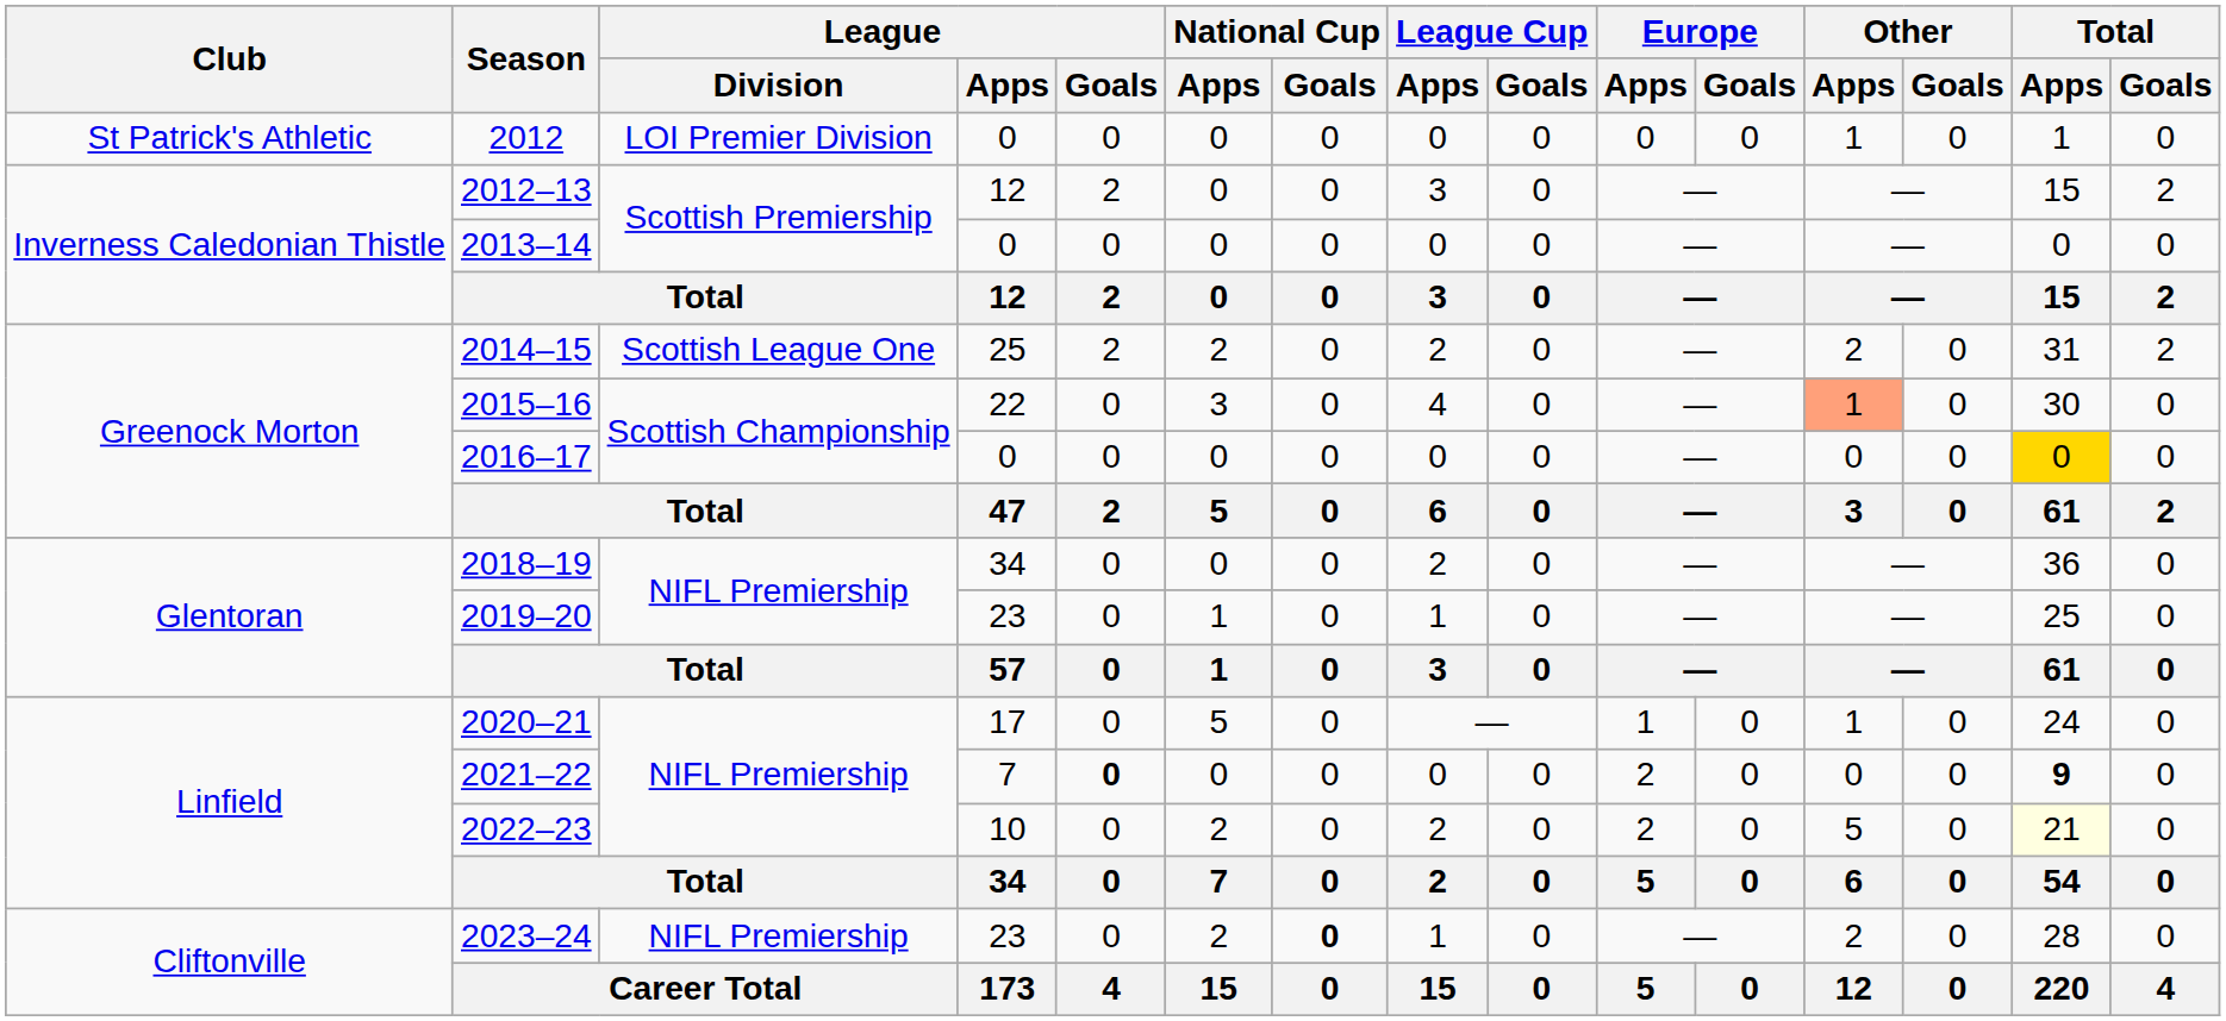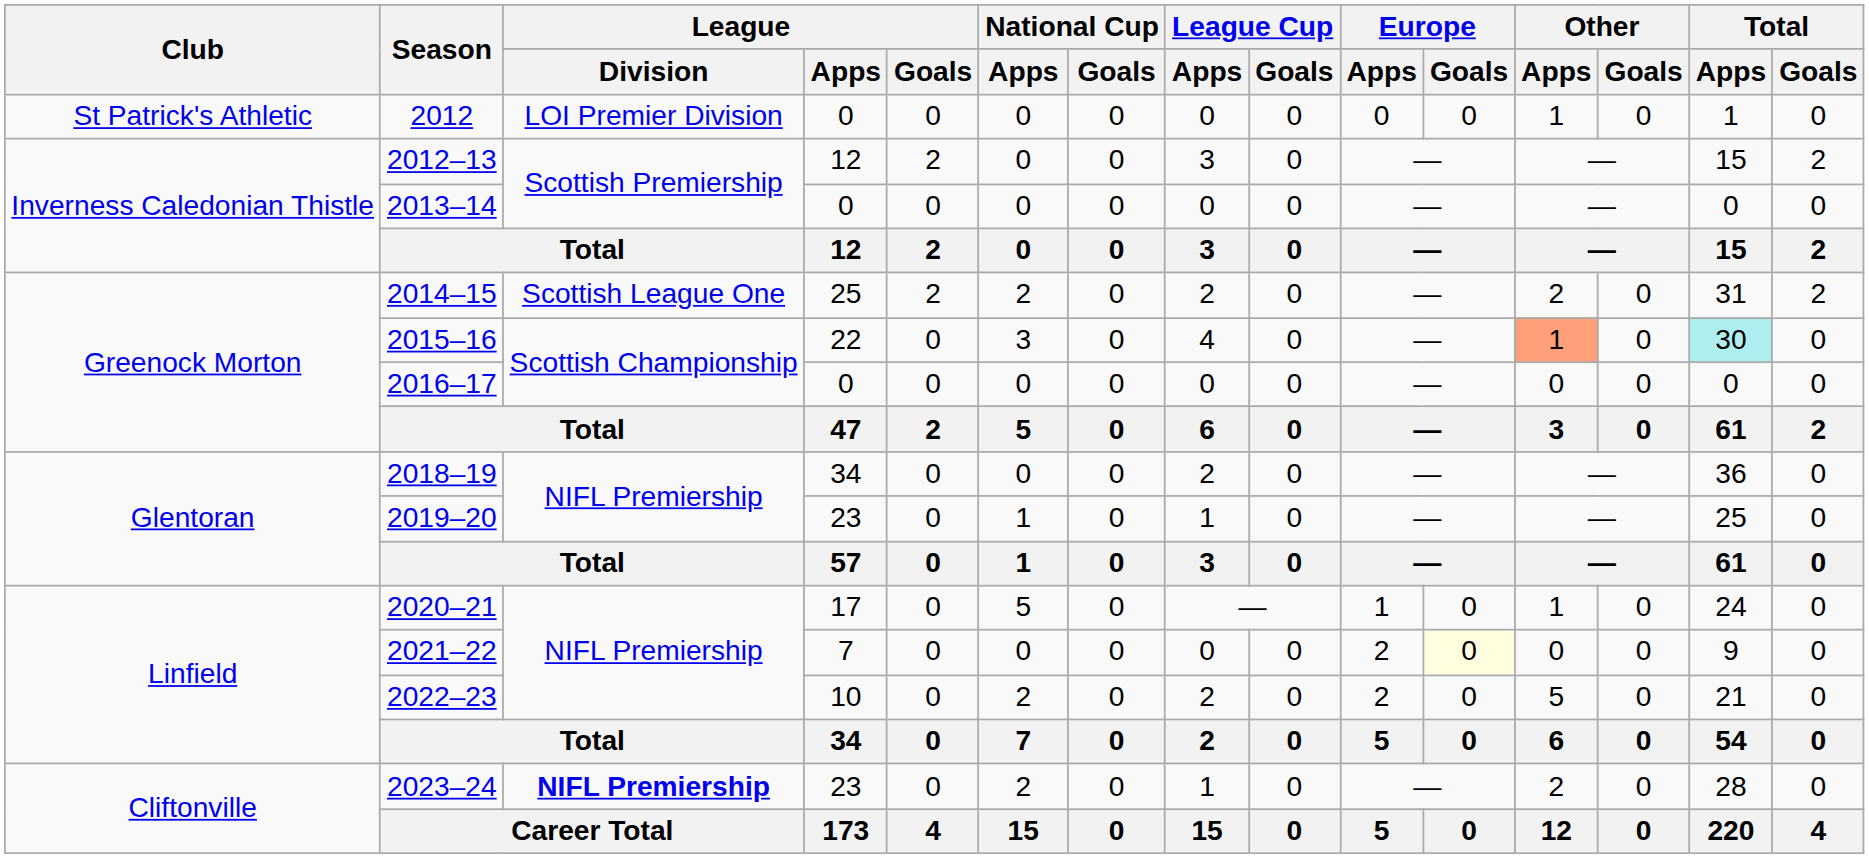 <table class="wikitable" style="text-align:center">
 <tr>
 <th rowspan="2">Club</th>
 <th rowspan="2">Season</th>
 <th colspan="3">League</th>
 <th colspan="2">National Cup</th>
 <th colspan="2"><a href='#'>League Cup</a></th>
 <th colspan="2"><a href='#'>Europe</a></th>
 <th colspan="2">Other</th>
 <th colspan="2">Total</th>
 </tr>
 <tr>
 <th>Division</th>
 <th>Apps</th>
 <th>Goals</th>
 <th>Apps</th>
 <th>Goals</th>
 <th>Apps</th>
 <th>Goals</th>
 <th>Apps</th>
 <th>Goals</th>
 <th>Apps</th>
 <th>Goals</th>
 <th>Apps</th>
 <th>Goals</th>
 </tr>
 <tr>
 <td><a href='#'>St Patrick's Athletic</a></td>
 <td><a href='#'>2012</a></td>
 <td><a href='#'>LOI Premier Division</a></td>
 <td>0</td>
 <td>0</td>
 <td>0</td>
 <td>0</td>
 <td>0</td>
 <td>0</td>
 <td>0</td>
 <td>0</td>
 <td>1</td>
 <td>0</td>
 <td>1</td>
 <td>0</td>
 </tr>
 <tr>
 <td rowspan="3"><a href='#'>Inverness Caledonian Thistle</a></td>
 <td><a href='#'>2012–13</a></td>
 <td rowspan="2"><a href='#'>Scottish Premiership</a></td>
 <td>12</td>
 <td>2</td>
 <td>0</td>
 <td>0</td>
 <td>3</td>
 <td>0</td>
 <td colspan="2">—</td>
 <td colspan="2">—</td>
 <td>15</td>
 <td>2</td>
 </tr>
 <tr>
 <td><a href='#'>2013–14</a></td>
 <td>0</td>
 <td>0</td>
 <td>0</td>
 <td>0</td>
 <td>0</td>
 <td>0</td>
 <td colspan="2">—</td>
 <td colspan="2">—</td>
 <td>0</td>
 <td>0</td>
 </tr>
 <tr>
 <th colspan="2">Total</th>
 <th>12</th>
 <th>2</th>
 <th>0</th>
 <th>0</th>
 <th>3</th>
 <th>0</th>
 <th colspan="2">—</th>
 <th colspan="2">—</th>
 <th>15</th>
 <th>2</th>
 </tr>
 <tr>
 <td rowspan="4"><a href='#'>Greenock Morton</a></td>
 <td><a href='#'>2014–15</a></td>
 <td><a href='#'>Scottish League One</a></td>
 <td>25</td>
 <td>2</td>
 <td>2</td>
 <td>0</td>
 <td>2</td>
 <td>0</td>
 <td colspan="2">—</td>
 <td>2</td>
 <td>0</td>
 <td>31</td>
 <td>2</td>
 </tr>
 <tr>
 <td><a href='#'>2015–16</a></td>
 <td rowspan="2"><a href='#'>Scottish Championship</a></td>
 <td>22</td>
 <td>0</td>
 <td>3</td>
 <td>0</td>
 <td>4</td>
 <td>0</td>
 <td colspan="2">—</td>
 <td style="background: lightsalmon;">1</td>
 <td>0</td>
-<td>30</td>
+<td style="background: paleturquoise;">30</td>
 <td>0</td>
 </tr>
 <tr>
 <td><a href='#'>2016–17</a></td>
 <td>0</td>
 <td>0</td>
 <td>0</td>
 <td>0</td>
 <td>0</td>
 <td>0</td>
 <td colspan="2">—</td>
 <td>0</td>
 <td>0</td>
-<td style="background: gold;">0</td>
+<td>0</td>
 <td>0</td>
 </tr>
 <tr>
 <th colspan="2">Total</th>
 <th>47</th>
 <th>2</th>
 <th>5</th>
 <th>0</th>
 <th>6</th>
 <th>0</th>
 <th colspan="2">—</th>
 <th>3</th>
 <th>0</th>
 <th>61</th>
 <th>2</th>
 </tr>
 <tr>
 <td rowspan="3"><a href='#'>Glentoran</a></td>
 <td><a href='#'>2018–19</a></td>
 <td rowspan="2"><a href='#'>NIFL Premiership</a></td>
 <td>34</td>
 <td>0</td>
 <td>0</td>
 <td>0</td>
 <td>2</td>
 <td>0</td>
 <td colspan="2">—</td>
 <td colspan="2">—</td>
 <td>36</td>
 <td>0</td>
 </tr>
 <tr>
 <td><a href='#'>2019–20</a></td>
 <td>23</td>
 <td>0</td>
 <td>1</td>
 <td>0</td>
 <td>1</td>
 <td>0</td>
 <td colspan="2">—</td>
 <td colspan="2">—</td>
 <td>25</td>
 <td>0</td>
 </tr>
 <tr>
 <th colspan="2">Total</th>
 <th>57</th>
 <th>0</th>
 <th>1</th>
 <th>0</th>
 <th>3</th>
 <th>0</th>
 <th colspan="2">—</th>
 <th colspan="2">—</th>
 <th>61</th>
 <th>0</th>
 </tr>
 <tr>
 <td rowspan="4"><a href='#'>Linfield</a></td>
 <td><a href='#'>2020–21</a></td>
 <td rowspan="3"><a href='#'>NIFL Premiership</a></td>
 <td>17</td>
 <td>0</td>
 <td>5</td>
 <td>0</td>
 <td colspan="2">—</td>
 <td>1</td>
 <td>0</td>
 <td>1</td>
 <td>0</td>
 <td>24</td>
 <td>0</td>
 </tr>
 <tr>
 <td><a href='#'>2021–22</a></td>
 <td>7</td>
-<td><strong>0</strong></td>
+<td>0</td>
 <td>0</td>
 <td>0</td>
 <td>0</td>
 <td>0</td>
 <td>2</td>
+<td style="background: lightyellow;">0</td>
 <td>0</td>
 <td>0</td>
-<td>0</td>
-<td><strong>9</strong></td>
+<td>9</td>
 <td>0</td>
 </tr>
 <tr>
 <td><a href='#'>2022–23</a></td>
 <td>10</td>
 <td>0</td>
 <td>2</td>
 <td>0</td>
 <td>2</td>
 <td>0</td>
 <td>2</td>
 <td>0</td>
 <td>5</td>
 <td>0</td>
-<td style="background: lightyellow;">21</td>
+<td>21</td>
 <td>0</td>
 </tr>
 <tr>
 <th colspan="2">Total</th>
 <th>34</th>
 <th>0</th>
 <th>7</th>
 <th>0</th>
 <th>2</th>
 <th>0</th>
 <th>5</th>
 <th>0</th>
 <th>6</th>
 <th>0</th>
 <th>54</th>
 <th>0</th>
 </tr>
 <tr>
 <td rowspan="5"><a href='#'>Cliftonville</a></td>
 <td><a href='#'>2023–24</a></td>
-<td rowspan="1"><a href='#'>NIFL Premiership</a></td>
+<td rowspan="1"><strong><a href='#'>NIFL Premiership</a></strong></td>
 <td>23</td>
 <td>0</td>
 <td>2</td>
-<td><strong>0</strong></td>
+<td>0</td>
 <td>1</td>
 <td>0</td>
 <td colspan="2">—</td>
 <td>2</td>
 <td>0</td>
 <td>28</td>
 <td>0</td>
 </tr>
 <tr>
 <th colspan="2">Career Total</th>
 <th>173</th>
 <th>4</th>
 <th>15</th>
 <th>0</th>
 <th>15</th>
 <th>0</th>
 <th>5</th>
 <th>0</th>
 <th>12</th>
 <th>0</th>
 <th>220</th>
 <th>4</th>
 </tr>
 </table>
